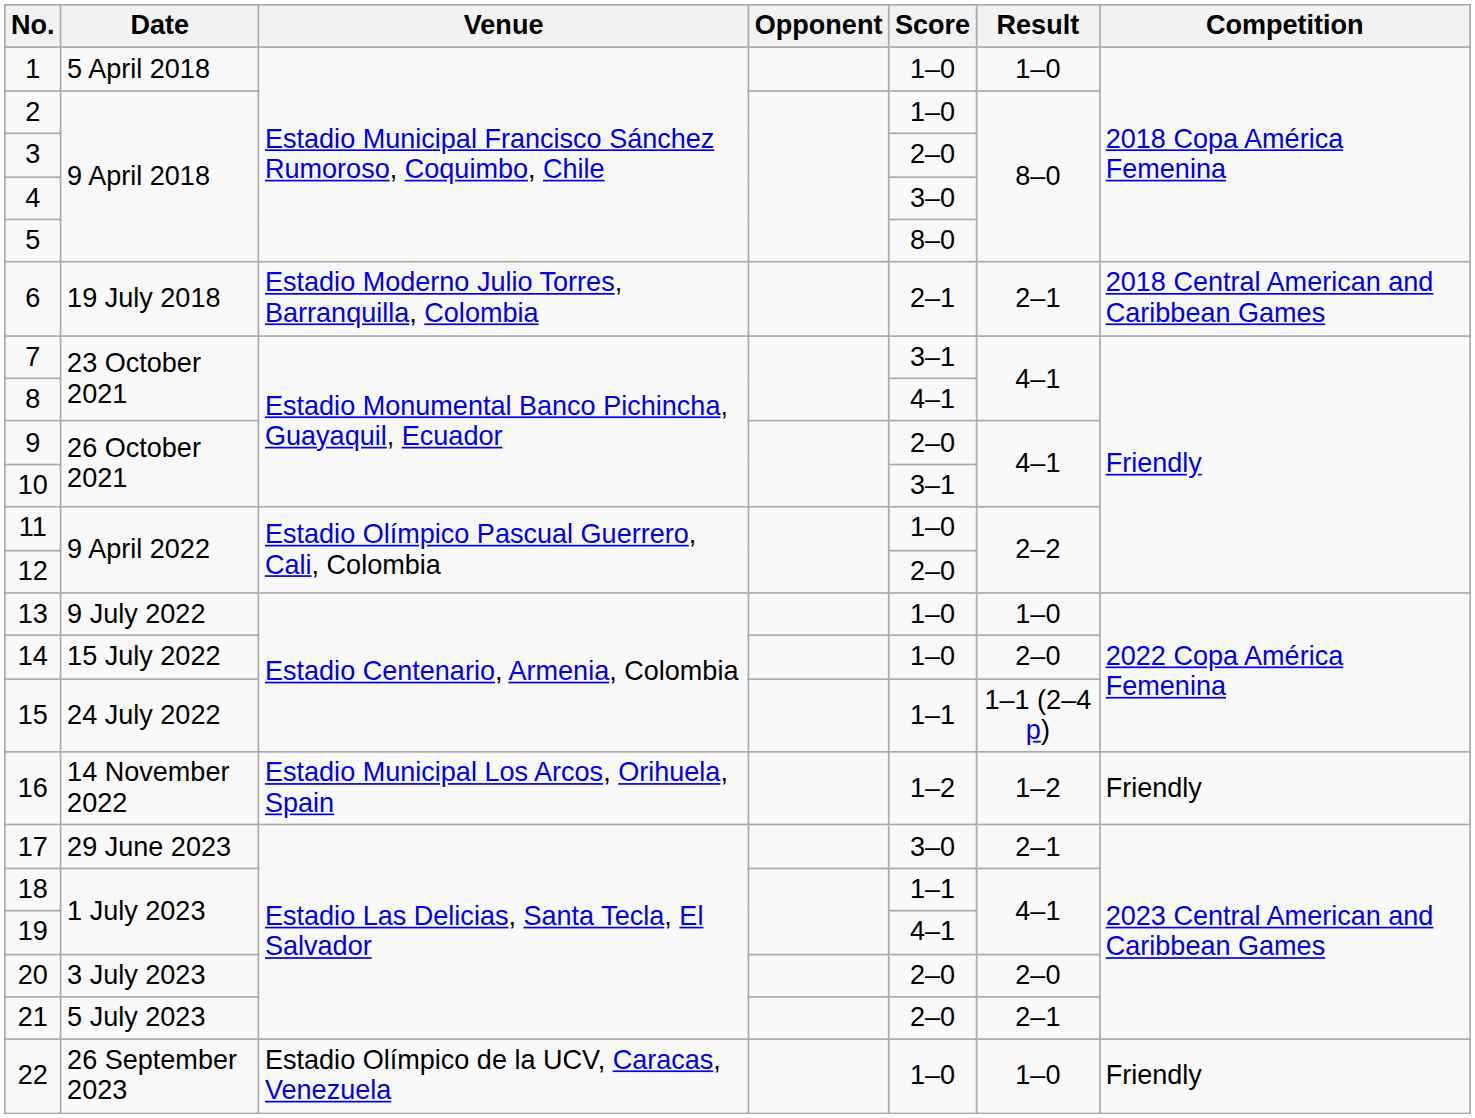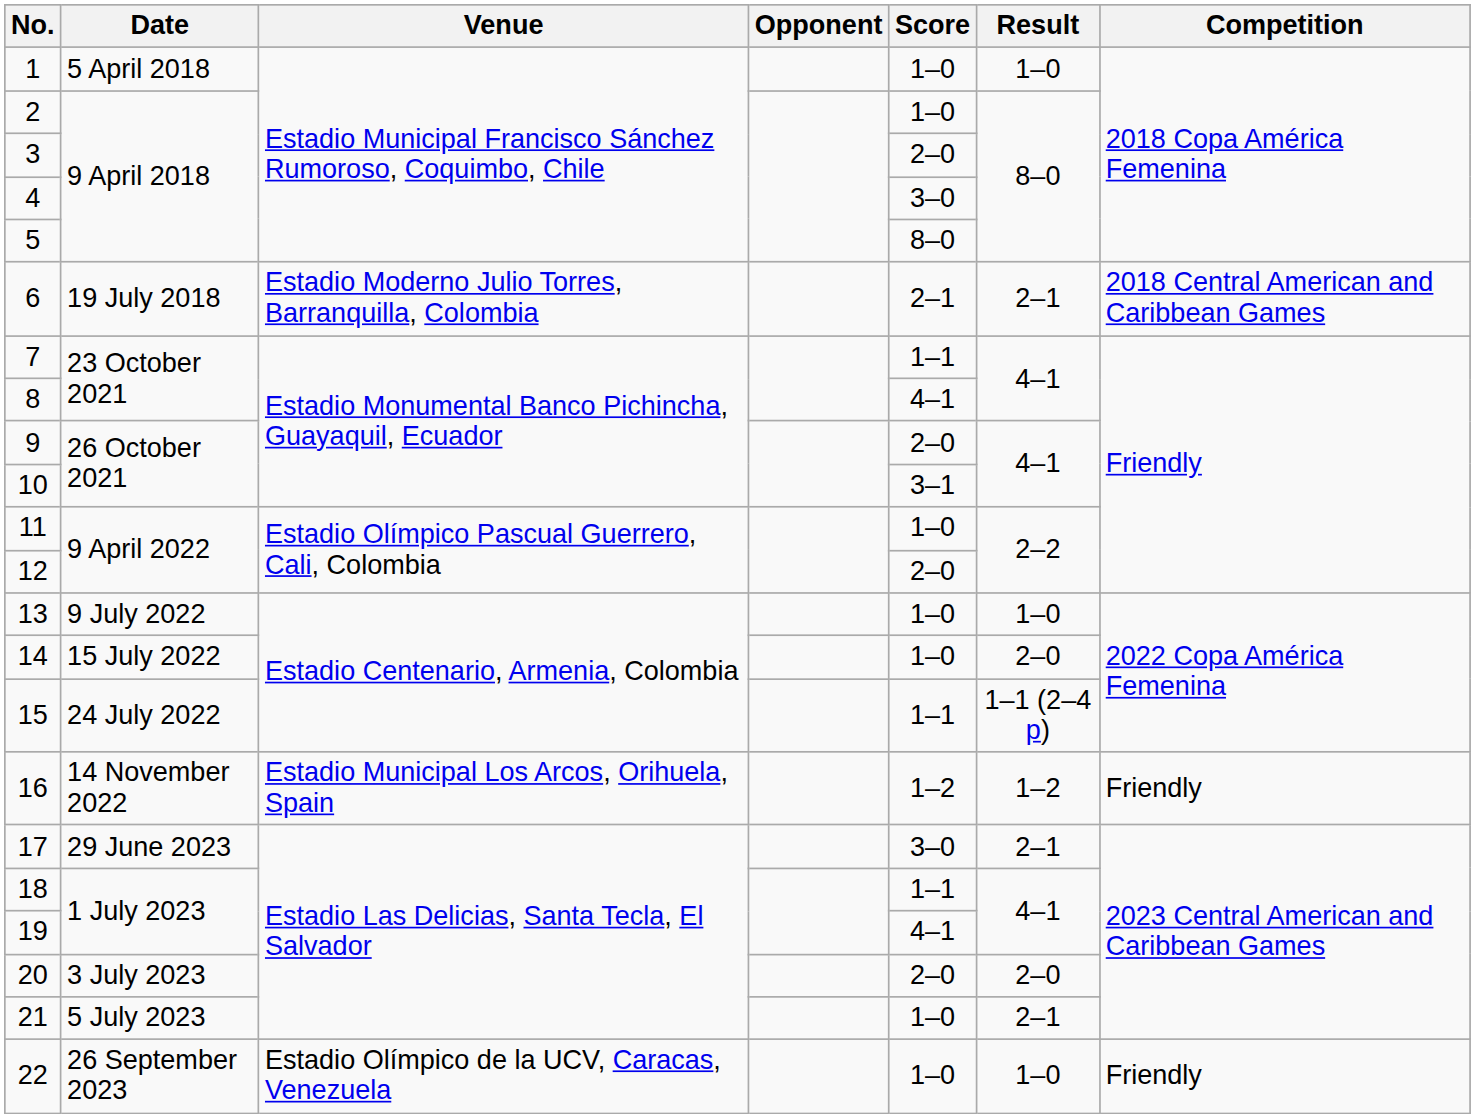 <table class="wikitable">
 <tr>
 <th scope="col">No.</th>
 <th scope="col">Date</th>
 <th scope="col">Venue</th>
 <th scope="col">Opponent</th>
 <th scope="col">Score</th>
 <th scope="col">Result</th>
 <th scope="col">Competition</th>
 </tr>
 <tr>
 <td align=center>1</td>
 <td>5 April 2018</td>
 <td rowspan=5><a href='#'>Estadio Municipal Francisco Sánchez Rumoroso</a>, <a href='#'>Coquimbo</a>, <a href='#'>Chile</a></td>
 <td></td>
 <td align=center>1–0</td>
 <td align=center>1–0</td>
 <td rowspan=5><a href='#'>2018 Copa América Femenina</a></td>
 </tr>
 <tr>
 <td align=center>2</td>
 <td rowspan="4">9 April 2018</td>
 <td rowspan="4"></td>
 <td align=center>1–0</td>
 <td rowspan="4" align=center>8–0</td>
 </tr>
 <tr>
 <td align=center>3</td>
 <td align=center>2–0</td>
 </tr>
 <tr>
 <td align=center>4</td>
 <td align=center>3–0</td>
 </tr>
 <tr>
 <td align=center>5</td>
 <td align=center>8–0</td>
 </tr>
 <tr>
 <td align=center>6</td>
 <td>19 July 2018</td>
 <td><a href='#'>Estadio Moderno Julio Torres</a>, <a href='#'>Barranquilla</a>, <a href='#'>Colombia</a></td>
 <td></td>
 <td align=center>2–1</td>
 <td align=center>2–1</td>
 <td><a href='#'>2018 Central American and Caribbean Games</a></td>
 </tr>
 <tr>
 <td align=center>7</td>
 <td rowspan="2">23 October 2021</td>
 <td rowspan="4"><a href='#'>Estadio Monumental Banco Pichincha</a>, <a href='#'>Guayaquil</a>, <a href='#'>Ecuador</a></td>
 <td rowspan="2"></td>
-<td align=center>3–1</td>
+<td align=center>1–1</td>
 <td rowspan="2" align=center>4–1</td>
 <td rowspan="6"><a href='#'>Friendly</a></td>
 </tr>
 <tr>
 <td align=center>8</td>
 <td align=center>4–1</td>
 </tr>
 <tr>
 <td align=center>9</td>
 <td rowspan="2">26 October 2021</td>
 <td rowspan="2"></td>
 <td align=center>2–0</td>
 <td rowspan="2" align=center>4–1</td>
 </tr>
 <tr>
 <td align=center>10</td>
 <td align=center>3–1</td>
 </tr>
 <tr>
 <td align=center>11</td>
 <td rowspan="2">9 April 2022</td>
 <td rowspan="2"><a href='#'>Estadio Olímpico Pascual Guerrero</a>, <a href='#'>Cali</a>, Colombia</td>
 <td rowspan="2"></td>
 <td align="center">1–0</td>
 <td rowspan="2" align="center">2–2</td>
 </tr>
 <tr>
 <td align=center>12</td>
 <td align=center>2–0</td>
 </tr>
 <tr>
 <td align=center>13</td>
 <td>9 July 2022</td>
 <td rowspan=3><a href='#'>Estadio Centenario</a>, <a href='#'>Armenia</a>, Colombia</td>
 <td></td>
 <td align=center>1–0</td>
 <td align=center>1–0</td>
 <td rowspan=3><a href='#'>2022 Copa América Femenina</a></td>
 </tr>
 <tr>
 <td align=center>14</td>
 <td>15 July 2022</td>
 <td></td>
 <td align=center>1–0</td>
 <td align=center>2–0</td>
 </tr>
 <tr>
 <td align=center>15</td>
 <td>24 July 2022</td>
 <td></td>
 <td align=center>1–1</td>
 <td align=center>1–1 (2–4 <a href='#'>p</a>)</td>
 </tr>
 <tr>
 <td align=center>16</td>
 <td>14 November 2022</td>
 <td><a href='#'>Estadio Municipal Los Arcos</a>, <a href='#'>Orihuela</a>, <a href='#'>Spain</a></td>
 <td></td>
 <td align=center>1–2</td>
 <td align=center>1–2</td>
 <td>Friendly</td>
 </tr>
 <tr>
 <td align=center>17</td>
 <td>29 June 2023</td>
 <td rowspan=5><a href='#'>Estadio Las Delicias</a>, <a href='#'>Santa Tecla</a>, <a href='#'>El Salvador</a></td>
 <td></td>
 <td align=center>3–0</td>
 <td align=center>2–1</td>
 <td rowspan=5><a href='#'>2023 Central American and Caribbean Games</a></td>
 </tr>
 <tr>
 <td align=center>18</td>
 <td rowspan=2>1 July 2023</td>
 <td rowspan=2></td>
 <td align=center>1–1</td>
 <td rowspan=2 align=center>4–1</td>
 </tr>
 <tr>
 <td align=center>19</td>
 <td align=center>4–1</td>
 </tr>
 <tr>
 <td align=center>20</td>
 <td>3 July 2023</td>
 <td></td>
 <td align=center>2–0</td>
 <td align=center>2–0</td>
 </tr>
 <tr>
 <td align=center>21</td>
 <td>5 July 2023</td>
 <td></td>
-<td align=center>2–0</td>
+<td align=center>1–0</td>
 <td align=center>2–1</td>
 </tr>
 <tr>
 <td align=center>22</td>
 <td>26 September 2023</td>
 <td>Estadio Olímpico de la UCV, <a href='#'>Caracas</a>, <a href='#'>Venezuela</a></td>
 <td></td>
 <td align=center>1–0</td>
 <td align=center>1–0</td>
 <td>Friendly</td>
 </tr>
 </table>
